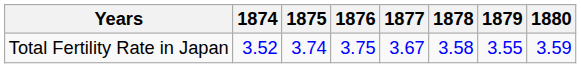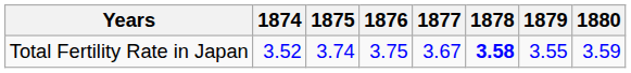 <table class="wikitable " style="text-align:right">
 <tr>
 <th>Years</th>
 <th>1874</th>
 <th>1875</th>
 <th>1876</th>
 <th>1877</th>
 <th>1878</th>
 <th>1879</th>
 <th>1880</th>
 </tr>
 <tr>
 <td align="left">Total Fertility Rate in Japan</td>
 <td style="text-align:right; color:blue;">3.52</td>
 <td style="text-align:right; color:blue;">3.74</td>
 <td style="text-align:right; color:blue;">3.75</td>
 <td style="text-align:right; color:blue;">3.67</td>
-<td style="text-align:right; color:blue;">3.58</td>
+<td style="text-align:right; color:blue;"><strong>3.58</strong></td>
 <td style="text-align:right; color:blue;">3.55</td>
 <td style="text-align:right; color:blue;">3.59</td>
 </tr>
 </table>
